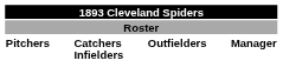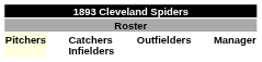 <table class="toccolours" style="font-size: 95%;">
 <tr>
 <th colspan="10" style="background-color: #000000; color: #FFFFFF; text-align: center;">1893 Cleveland Spiders</th>
 </tr>
 <tr>
 <td colspan="10" style="background-color: #A9A9A9; color: #000000; text-align: center;"><strong>Roster</strong></td>
 </tr>
 <tr>
-<td valign="top"><strong>Pitchers</strong><br>        </td>
+<td valign="top" style="background: lightyellow;"><strong>Pitchers</strong><br>        </td>
 <td width="25px"></td>
 <td valign="top"><strong>Catchers</strong><br>     <strong>Infielders</strong>       </td>
 <td width="25px"></td>
 <td valign="top"><strong>Outfielders</strong><br>   </td>
 <td width="25px"></td>
 <td valign="top"><strong>Manager</strong><br></td>
 </tr>
 </table>
